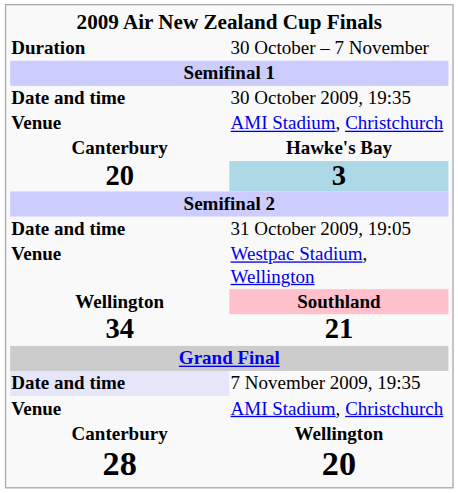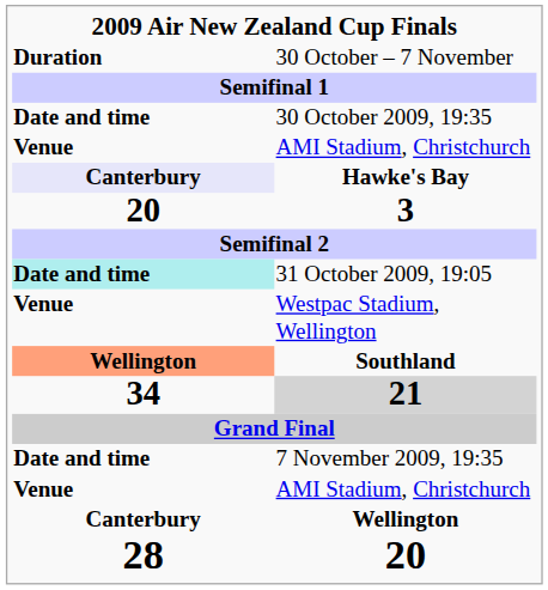 <table class="infobox" width="340" cellspacing="0" style="font-size: 90%;">
 <tr>
 <th colspan="3" style="font-size:medium">2009 Air New Zealand Cup Finals</th>
 </tr>
 <tr>
 <td><strong>Duration</strong></td>
 <td colspan=2>30 October – 7 November</td>
 </tr>
 <tr>
 <td colspan=3 style="text-align: center;" bgcolor="#CCCCff"><strong>Semifinal 1</strong></td>
 </tr>
 <tr>
 <td><strong>Date and time</strong></td>
 <td colspan=2>30 October 2009, 19:35</td>
 </tr>
 <tr>
 <td><strong>Venue</strong></td>
 <td colspan=2><a href='#'>AMI Stadium</a>, <a href='#'>Christchurch</a></td>
 </tr>
 <tr>
-<td align=center width=50%><strong>Canterbury</strong></td>
+<td align=center width=50% style="background: lavender;"><strong>Canterbury</strong></td>
 <td align=center width=50%><strong>Hawke's Bay</strong></td>
 </tr>
 <tr>
 <td style="font-size:150%;line-height:100%" align=center><strong>20</strong></td>
-<td style="background: lightblue; font-size:150%;line-height:100%" align=center><strong>3</strong></td>
+<td style="font-size:150%;line-height:100%" align=center><strong>3</strong></td>
 </tr>
 <tr>
 <td colspan=3 style="text-align: center;" bgcolor="#CCCCff"><strong>Semifinal 2</strong></td>
 </tr>
 <tr>
-<td><strong>Date and time</strong></td>
+<td style="background: paleturquoise;"><strong>Date and time</strong></td>
 <td colspan=2>31 October 2009, 19:05</td>
 </tr>
 <tr>
 <td><strong>Venue</strong></td>
 <td colspan=2><a href='#'>Westpac Stadium</a>, <a href='#'>Wellington</a></td>
 </tr>
 <tr>
-<td align=center width=50%><strong>Wellington</strong></td>
-<td align=center width=50% style="background: pink;"><strong>Southland</strong></td>
+<td align=center width=50% style="background: lightsalmon;"><strong>Wellington</strong></td>
+<td align=center width=50%><strong>Southland</strong></td>
 </tr>
 <tr>
 <td style="font-size:150%;line-height:100%" align=center><strong>34</strong></td>
-<td style="font-size:150%;line-height:100%" align=center><strong>21</strong></td>
+<td style="background: lightgrey; font-size:150%;line-height:100%" align=center><strong>21</strong></td>
 </tr>
 <tr>
 <td colspan=3 style="text-align: center;" bgcolor="#cccccc"><strong><a href='#'>Grand Final</a></strong></td>
 </tr>
 <tr>
-<td style="background: lavender;"><strong>Date and time</strong></td>
+<td><strong>Date and time</strong></td>
 <td colspan=2>7 November 2009, 19:35</td>
 </tr>
 <tr>
 <td><strong>Venue</strong></td>
 <td colspan=2><a href='#'>AMI Stadium</a>, <a href='#'>Christchurch</a></td>
 </tr>
 <tr>
 <td align=center width=50%><strong>Canterbury</strong></td>
 <td align=center width=50%><strong>Wellington</strong></td>
 </tr>
 <tr>
 <td style="font-size:180%;line-height:100%" align=center><strong>28</strong></td>
 <td style="font-size:180%;line-height:100%" align=center><strong>20</strong></td>
 </tr>
 </table>
